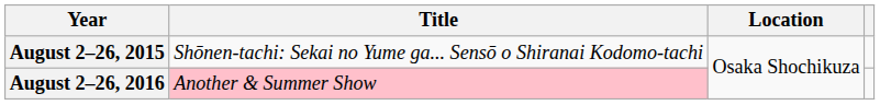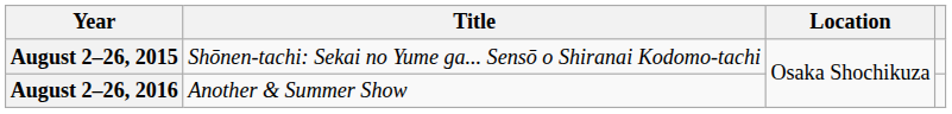 <table class="wikitable sortable plainrowheaders">
 <tr>
 <th scope="col">Year</th>
 <th scope="col">Title</th>
 <th scope="col">Location</th>
 <th class="unsortable" scope="col"></th>
 </tr>
 <tr>
 <th scope="row">August 2–26, 2015</th>
 <td><em>Shōnen-tachi: Sekai no Yume ga... Sensō o Shiranai Kodomo-tachi</em></td>
 <td rowspan="2">Osaka Shochikuza</td>
 <td style="text-align:center"></td>
 </tr>
 <tr>
 <th scope="row">August 2–26, 2016</th>
-<td style="background: pink;"><em>Another & Summer Show</em></td>
+<td><em>Another & Summer Show</em></td>
 <td style="text-align:center"></td>
 </tr>
 </table>
